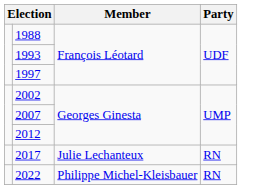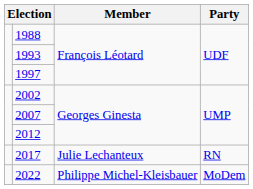 <table class="wikitable">
 <tr>
 <th colspan=2>Election</th>
 <th>Member</th>
 <th>Party</th>
 </tr>
 <tr>
 <td rowspan="3" style="background-color: "></td>
 <td><a href='#'>1988</a></td>
 <td rowspan="3"><a href='#'>François Léotard</a></td>
 <td rowspan="3"><a href='#'>UDF</a></td>
 </tr>
 <tr>
 <td><a href='#'>1993</a></td>
 </tr>
 <tr>
 <td><a href='#'>1997</a></td>
 </tr>
 <tr>
 <td rowspan="3" style="background-color: "></td>
 <td><a href='#'>2002</a></td>
 <td rowspan="3"><a href='#'>Georges Ginesta</a></td>
 <td rowspan="3"><a href='#'>UMP</a></td>
 </tr>
 <tr>
 <td><a href='#'>2007</a></td>
 </tr>
 <tr>
 <td><a href='#'>2012</a></td>
 </tr>
 <tr>
 <td style="background-color: "></td>
 <td><a href='#'>2017</a></td>
 <td><a href='#'>Julie Lechanteux</a></td>
 <td><a href='#'>RN</a></td>
 </tr>
 <tr>
 <td style="background-color: "></td>
 <td><a href='#'>2022</a></td>
 <td><a href='#'>Philippe Michel-Kleisbauer</a></td>
-<td><a href='#'>RN</a></td>
+<td><a href='#'>MoDem</a></td>
 </tr>
 </table>
